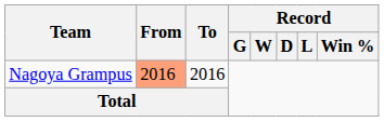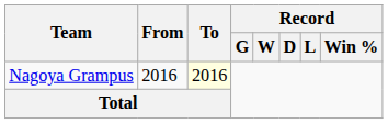 <table class="wikitable" style="text-align: center">
 <tr>
 <th rowspan="2">Team</th>
 <th rowspan="2">From</th>
 <th rowspan="2">To</th>
 <th colspan="5">Record</th>
 </tr>
 <tr>
 <th>G</th>
 <th>W</th>
 <th>D</th>
 <th>L</th>
 <th>Win %</th>
 </tr>
 <tr>
 <td align="left"><a href='#'>Nagoya Grampus</a></td>
-<td align="left" style="background: lightsalmon;">2016</td>
-<td align="left">2016<br></td>
+<td align="left">2016</td>
+<td align="left" style="background: lightyellow;">2016<br></td>
 </tr>
 <tr>
 <th colspan="3">Total<br></th>
 </tr>
 </table>
